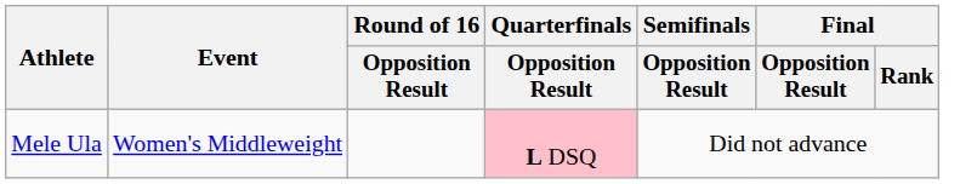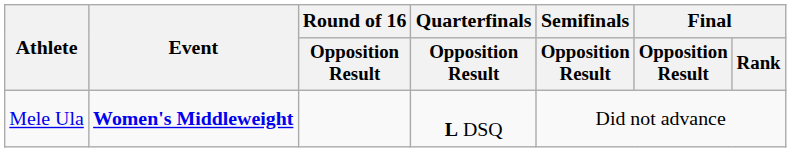 <table class="wikitable" style="font-size:90%; text-align:center">
 <tr>
 <th rowspan=2>Athlete</th>
 <th rowspan=2>Event</th>
 <th>Round of 16</th>
 <th>Quarterfinals</th>
 <th>Semifinals</th>
 <th colspan=2>Final</th>
 </tr>
 <tr style="font-size:95%">
 <th>Opposition<br>Result</th>
 <th>Opposition<br>Result</th>
 <th>Opposition<br>Result</th>
 <th>Opposition<br>Result</th>
 <th>Rank</th>
 </tr>
 <tr>
 <td align=left><a href='#'>Mele Ula</a></td>
-<td align=left><a href='#'>Women's Middleweight</a></td>
+<td align=left><strong><a href='#'>Women's Middleweight</a></strong></td>
 <td></td>
-<td style="background: pink;"><br><strong>L</strong> DSQ</td>
+<td><br><strong>L</strong> DSQ</td>
 <td colspan=3>Did not advance</td>
 </tr>
 </table>
